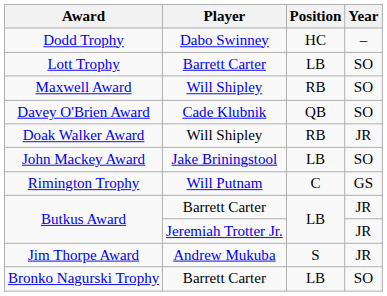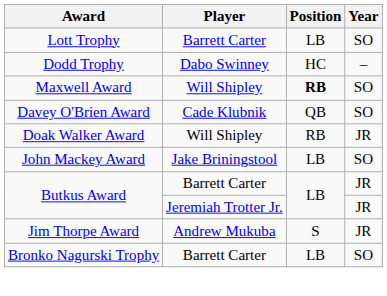 <table class="wikitable" style="text-align:center;">
 <tr>
 <th>Award</th>
 <th>Player</th>
 <th>Position</th>
 <th>Year</th>
 </tr>
 <tr>
+<td><a href='#'>Lott Trophy</a></td>
+<td><a href='#'>Barrett Carter</a></td>
+<td>LB</td>
+<td>SO</td>
+</tr>
+<tr>
 <td><a href='#'>Dodd Trophy</a></td>
 <td><a href='#'>Dabo Swinney</a></td>
 <td>HC</td>
 <td>–</td>
 </tr>
 <tr>
-<td><a href='#'>Lott Trophy</a></td>
-<td><a href='#'>Barrett Carter</a></td>
-<td>LB</td>
-<td>SO</td>
-</tr>
-<tr>
 <td><a href='#'>Maxwell Award</a></td>
 <td><a href='#'>Will Shipley</a></td>
-<td>RB</td>
+<td><strong>RB</strong></td>
 <td>SO</td>
 </tr>
 <tr>
 <td><a href='#'>Davey O'Brien Award</a></td>
 <td><a href='#'>Cade Klubnik</a></td>
 <td>QB</td>
 <td>SO</td>
 </tr>
 <tr>
 <td><a href='#'>Doak Walker Award</a></td>
 <td>Will Shipley</td>
 <td>RB</td>
 <td>JR</td>
 </tr>
 <tr>
 <td><a href='#'>John Mackey Award</a></td>
 <td><a href='#'>Jake Briningstool</a></td>
 <td>LB</td>
 <td>SO</td>
-</tr>
-<tr>
-<td><a href='#'>Rimington Trophy</a></td>
-<td><a href='#'>Will Putnam</a></td>
-<td>C</td>
-<td>GS</td>
 </tr>
 <tr>
 <td rowspan=2><a href='#'>Butkus Award</a></td>
 <td>Barrett Carter</td>
 <td rowspan=2>LB</td>
 <td>JR</td>
 </tr>
 <tr>
 <td><a href='#'>Jeremiah Trotter Jr.</a></td>
 <td>JR</td>
 </tr>
 <tr>
 <td><a href='#'>Jim Thorpe Award</a></td>
 <td><a href='#'>Andrew Mukuba</a></td>
 <td>S</td>
 <td>JR</td>
 </tr>
 <tr>
 <td><a href='#'>Bronko Nagurski Trophy</a></td>
 <td>Barrett Carter</td>
 <td>LB</td>
 <td>SO</td>
 </tr>
 </table>
